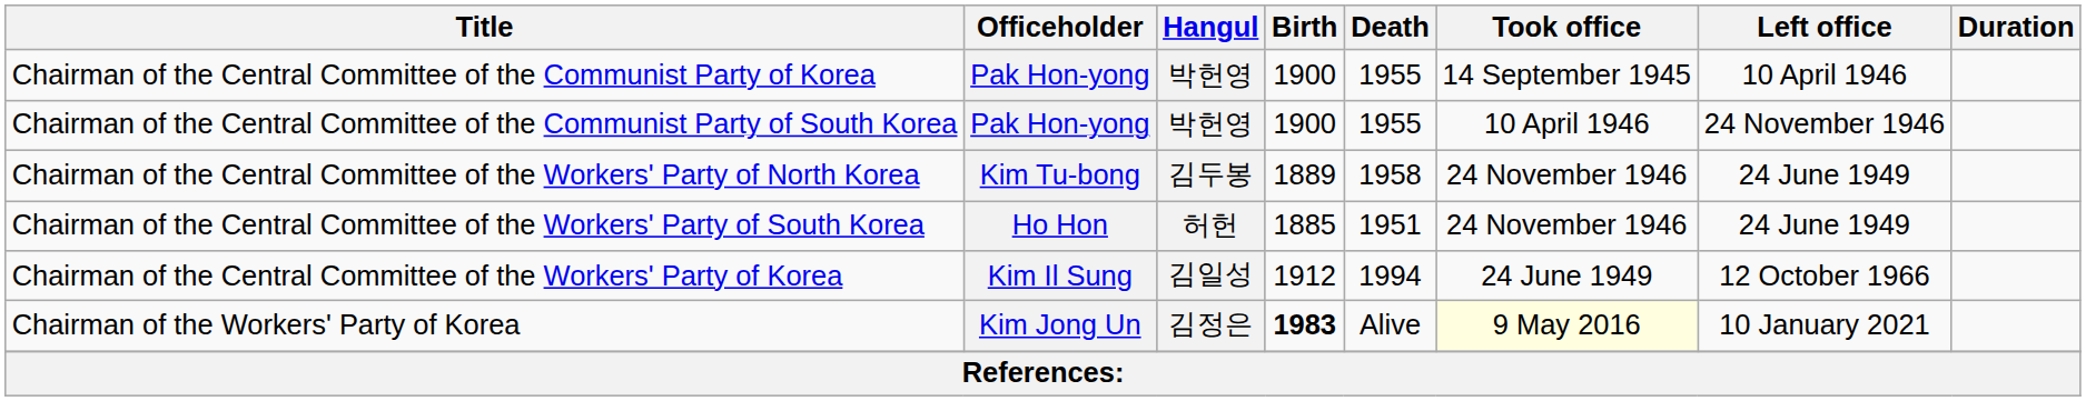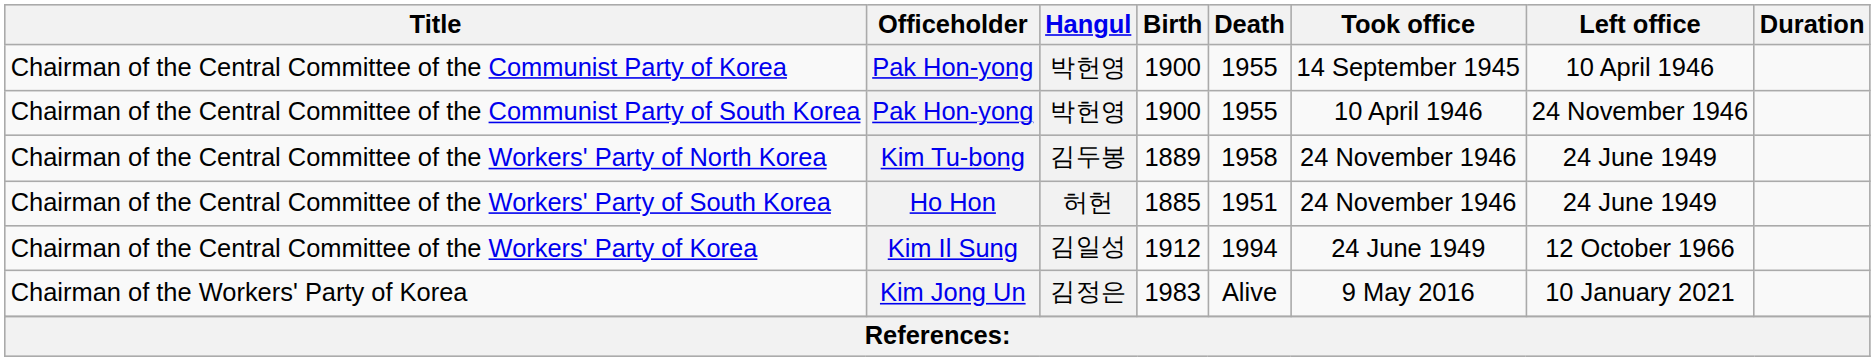 <table class="wikitable">
 <tr>
 <th scope="col"  class="unsortable">Title</th>
 <th scope="col">Officeholder</th>
 <th class="unsortable"><a href='#'>Hangul</a></th>
 <th scope="col">Birth</th>
 <th scope="col">Death</th>
 <th scope="col">Took office</th>
 <th scope="col">Left office</th>
 <th scope="col">Duration</th>
 </tr>
 <tr>
 <td>Chairman of the Central Committee of the <a href='#'>Communist Party of Korea</a></td>
 <th align="center" scope="row" style="font-weight:normal;"><a href='#'>Pak Hon-yong</a></th>
 <th align="center" scope="row" style="font-weight:normal;">박헌영</th>
 <td align="center">1900</td>
 <td align="center">1955</td>
 <td align="center">14 September 1945</td>
 <td align="center">10 April 1946</td>
 <td align="center"></td>
 </tr>
 <tr>
 <td>Chairman of the Central Committee of the <a href='#'>Communist Party of South Korea</a></td>
 <th align="center" scope="row" style="font-weight:normal;"><a href='#'>Pak Hon-yong</a></th>
 <th align="center" scope="row" style="font-weight:normal;">박헌영</th>
 <td align="center">1900</td>
 <td align="center">1955</td>
 <td align="center">10 April 1946</td>
 <td align="center">24 November 1946</td>
 <td align="center"></td>
 </tr>
 <tr>
 <td>Chairman of the Central Committee of the <a href='#'>Workers' Party of North Korea</a></td>
 <th align="center" scope="row" style="font-weight:normal;"><a href='#'>Kim Tu-bong</a></th>
 <th align="center" scope="row" style="font-weight:normal;">김두봉</th>
 <td align="center">1889</td>
 <td align="center">1958</td>
 <td align="center">24 November 1946</td>
 <td align="center">24 June 1949</td>
 <td align="center"></td>
 </tr>
 <tr>
 <td>Chairman of the Central Committee of the <a href='#'>Workers' Party of South Korea</a></td>
 <th align="center" scope="row" style="font-weight:normal;"><a href='#'>Ho Hon</a></th>
 <th align="center" scope="row" style="font-weight:normal;">허헌</th>
 <td align="center">1885</td>
 <td align="center">1951</td>
 <td align="center">24 November 1946</td>
 <td align="center">24 June 1949</td>
 <td align="center"></td>
 </tr>
 <tr>
 <td>Chairman of the Central Committee of the <a href='#'>Workers' Party of Korea</a></td>
 <th align="center" scope="row" style="font-weight:normal;"><a href='#'>Kim Il Sung</a></th>
 <th align="center" scope="row" style="font-weight:normal;">김일성</th>
 <td align="center">1912</td>
 <td align="center">1994</td>
 <td align="center">24 June 1949</td>
 <td align="center">12 October 1966</td>
 <td align="center"></td>
 </tr>
 <tr>
 <td>Chairman of the Workers' Party of Korea</td>
 <th align="center" scope="row" style="font-weight:normal;"><a href='#'>Kim Jong Un</a></th>
 <th align="center" scope="row" style="font-weight:normal;">김정은</th>
-<td align="center"><strong>1983</strong></td>
+<td align="center">1983</td>
 <td align="center">Alive</td>
-<td align="center" style="background: lightyellow;">9 May 2016</td>
+<td align="center">9 May 2016</td>
 <td align="center">10 January 2021</td>
 <td align="center"></td>
 </tr>
 <tr>
 </tr>
 <tr>
 <th colspan="9" unsortable><strong>References:</strong><br></th>
 </tr>
 </table>
